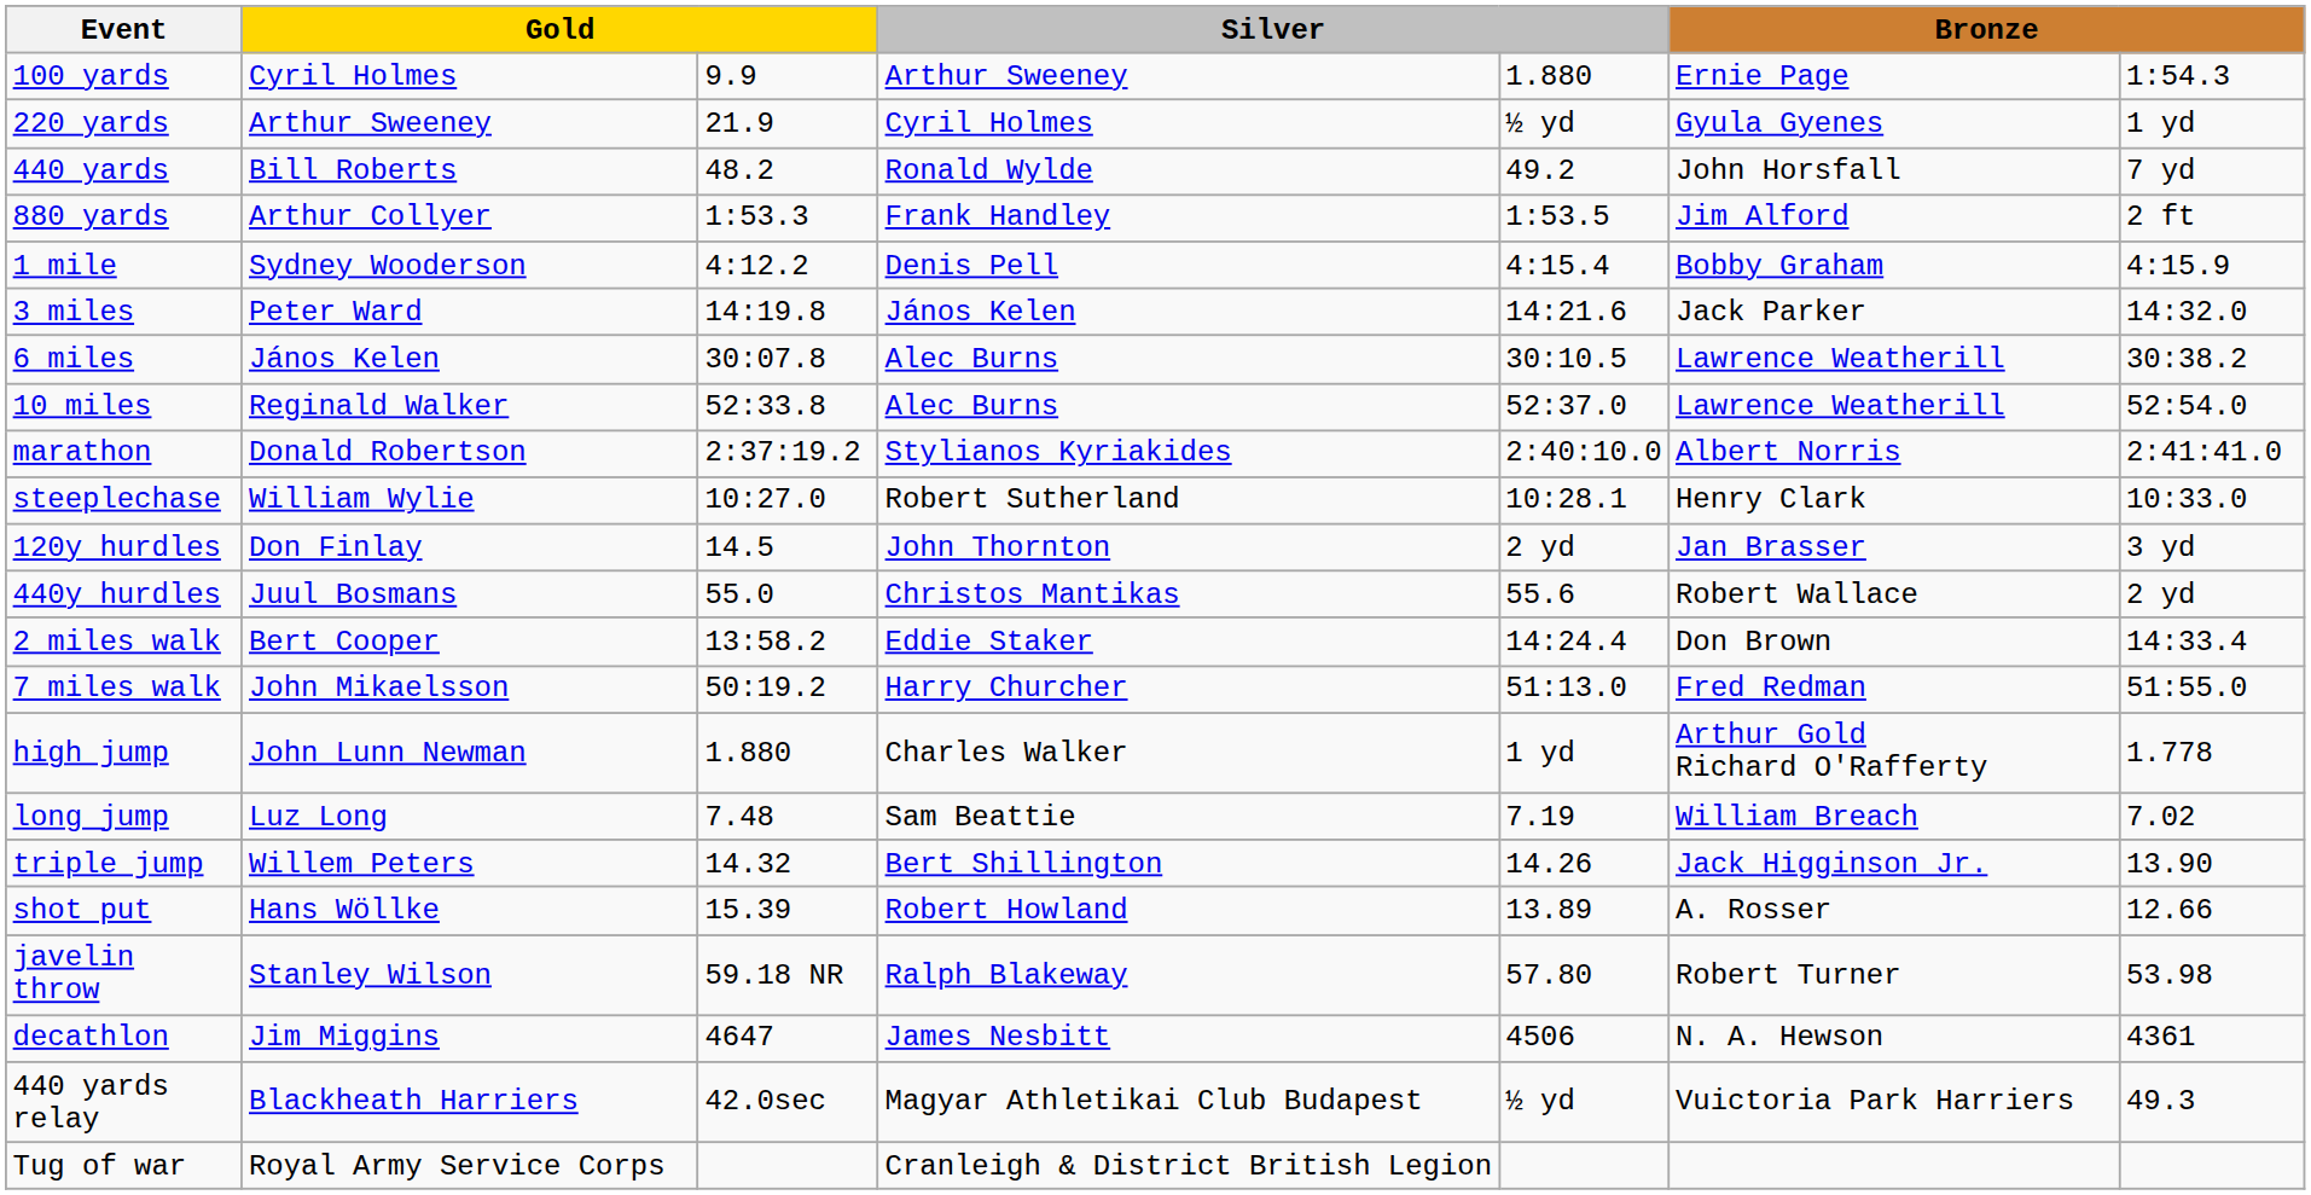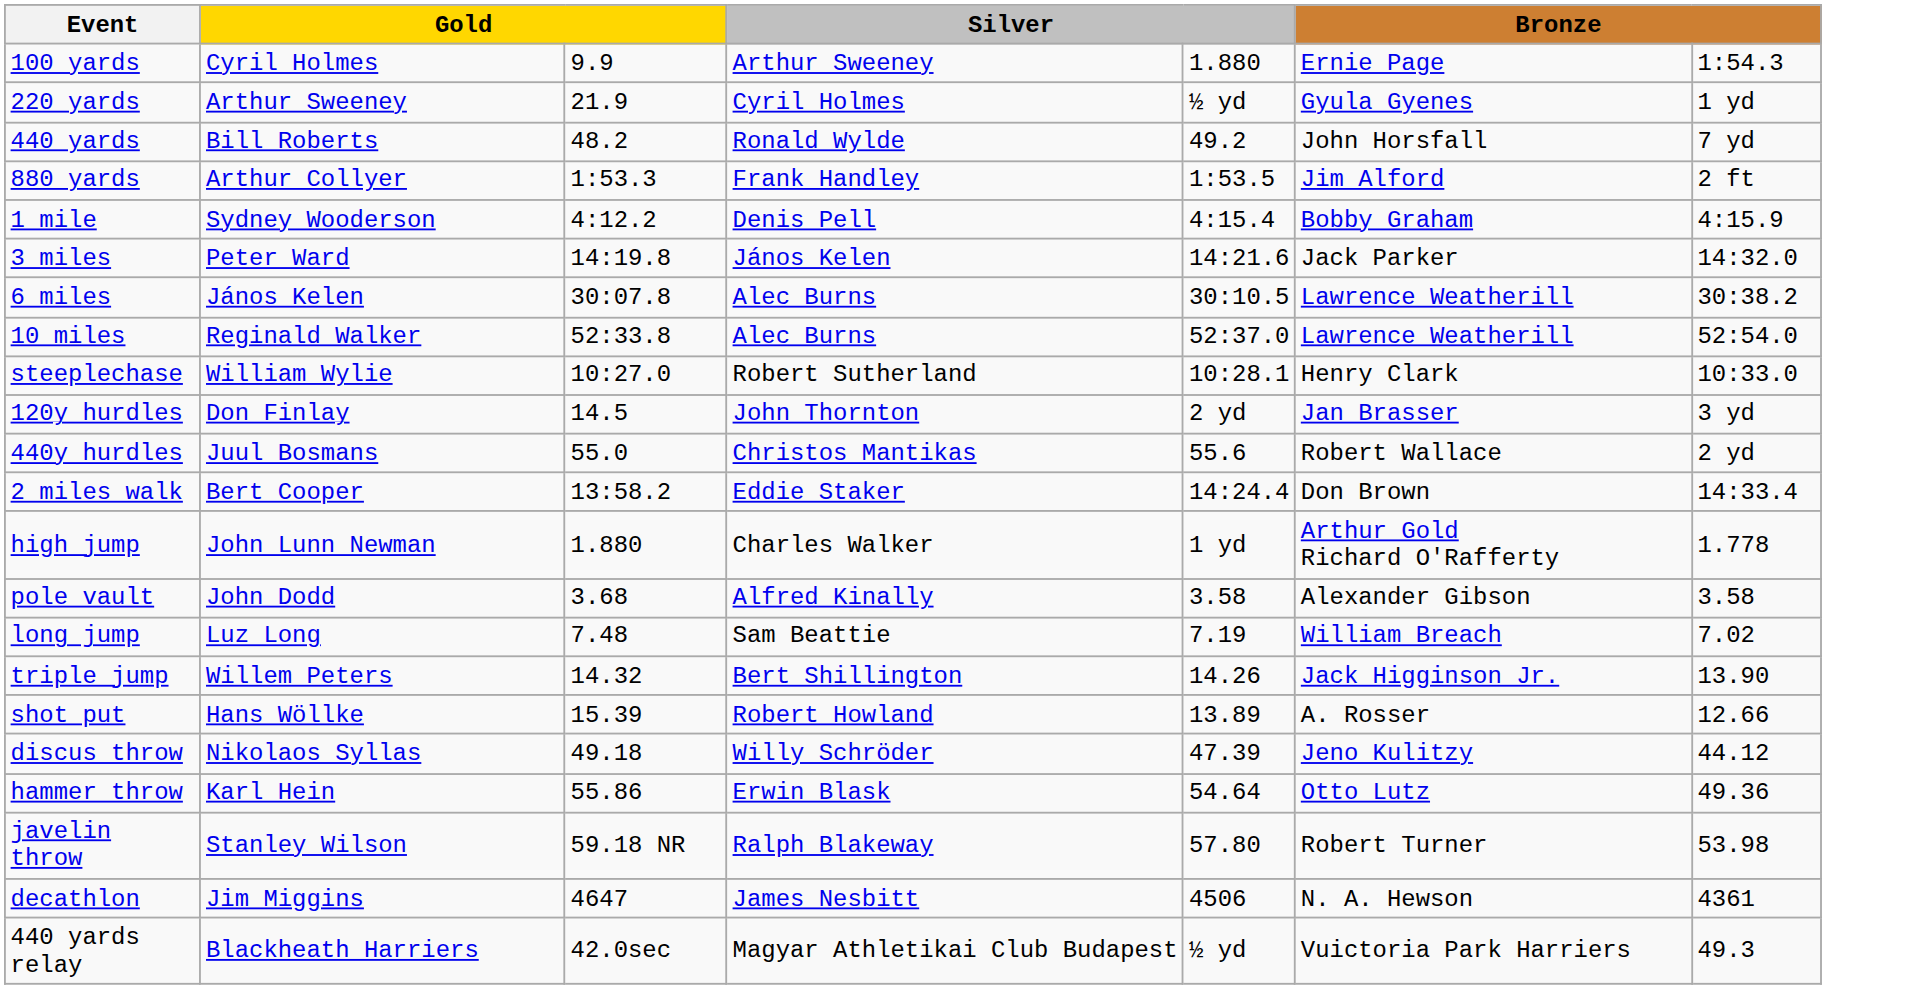 <table class="wikitable" style="text-align:left">
 <tr>
 <th width=100>Event</th>
 <th colspan="2" width="280" style="background:gold;">Gold</th>
 <th colspan="2" width="280" style="background:silver;">Silver</th>
 <th colspan="2" width="280" style="background:#CD7F32;">Bronze</th>
 </tr>
 <tr>
 <td><a href='#'>100 yards</a></td>
 <td><a href='#'>Cyril Holmes</a></td>
 <td>9.9</td>
 <td><a href='#'>Arthur Sweeney</a></td>
 <td>1.880</td>
 <td><a href='#'>Ernie Page</a></td>
 <td>1:54.3</td>
 </tr>
 <tr>
 <td><a href='#'>220 yards</a></td>
 <td><a href='#'>Arthur Sweeney</a></td>
 <td>21.9</td>
 <td><a href='#'>Cyril Holmes</a></td>
 <td>½ yd</td>
 <td> <a href='#'>Gyula Gyenes</a></td>
 <td>1 yd</td>
 </tr>
 <tr>
 <td><a href='#'>440 yards</a></td>
 <td><a href='#'>Bill Roberts</a></td>
 <td>48.2</td>
 <td> <a href='#'>Ronald Wylde</a></td>
 <td>49.2</td>
 <td> John Horsfall</td>
 <td>7 yd</td>
 </tr>
 <tr>
 <td><a href='#'>880 yards</a></td>
 <td><a href='#'>Arthur Collyer</a></td>
 <td>1:53.3</td>
 <td><a href='#'>Frank Handley</a></td>
 <td>1:53.5</td>
 <td> <a href='#'>Jim Alford</a></td>
 <td>2 ft</td>
 </tr>
 <tr>
 <td><a href='#'>1 mile</a></td>
 <td><a href='#'>Sydney Wooderson</a></td>
 <td>4:12.2</td>
 <td><a href='#'>Denis Pell</a></td>
 <td>4:15.4</td>
 <td> <a href='#'>Bobby Graham</a></td>
 <td>4:15.9</td>
 </tr>
 <tr>
 <td><a href='#'>3 miles</a></td>
 <td><a href='#'>Peter Ward</a></td>
 <td>14:19.8</td>
 <td> <a href='#'>János Kelen</a></td>
 <td>14:21.6</td>
 <td>Jack Parker</td>
 <td>14:32.0</td>
 </tr>
 <tr>
 <td><a href='#'>6 miles</a></td>
 <td> <a href='#'>János Kelen</a></td>
 <td>30:07.8</td>
 <td><a href='#'>Alec Burns</a></td>
 <td>30:10.5</td>
 <td><a href='#'>Lawrence Weatherill</a></td>
 <td>30:38.2</td>
 </tr>
 <tr>
 <td><a href='#'>10 miles</a></td>
 <td><a href='#'>Reginald Walker</a></td>
 <td>52:33.8</td>
 <td><a href='#'>Alec Burns</a></td>
 <td>52:37.0</td>
 <td><a href='#'>Lawrence Weatherill</a></td>
 <td>52:54.0</td>
 </tr>
 <tr>
-<td><a href='#'>marathon</a></td>
-<td> <a href='#'>Donald Robertson</a></td>
-<td>2:37:19.2</td>
-<td> <a href='#'>Stylianos Kyriakides</a></td>
-<td>2:40:10.0</td>
-<td><a href='#'>Albert Norris</a></td>
-<td>2:41:41.0</td>
-</tr>
-<tr>
 <td><a href='#'>steeplechase</a></td>
 <td> <a href='#'>William Wylie</a></td>
 <td>10:27.0</td>
 <td> Robert Sutherland</td>
 <td>10:28.1</td>
 <td>Henry Clark</td>
 <td>10:33.0</td>
 </tr>
 <tr>
 <td><a href='#'>120y hurdles</a></td>
 <td><a href='#'>Don Finlay</a></td>
 <td>14.5</td>
 <td><a href='#'>John Thornton</a></td>
 <td>2 yd</td>
 <td> <a href='#'>Jan Brasser</a></td>
 <td>3 yd</td>
 </tr>
 <tr>
 <td><a href='#'>440y hurdles</a></td>
 <td> <a href='#'>Juul Bosmans</a></td>
 <td>55.0</td>
 <td> <a href='#'>Christos Mantikas</a></td>
 <td>55.6</td>
 <td> Robert Wallace</td>
 <td>2 yd</td>
 </tr>
 <tr>
 <td><a href='#'>2 miles walk</a></td>
 <td><a href='#'>Bert Cooper</a></td>
 <td>13:58.2</td>
 <td><a href='#'>Eddie Staker</a></td>
 <td>14:24.4</td>
 <td>Don Brown</td>
 <td>14:33.4</td>
 </tr>
 <tr>
-<td><a href='#'>7 miles walk</a></td>
-<td> <a href='#'>John Mikaelsson</a></td>
-<td>50:19.2</td>
-<td><a href='#'>Harry Churcher</a></td>
-<td>51:13.0</td>
-<td><a href='#'>Fred Redman</a></td>
-<td>51:55.0</td>
-</tr>
-<tr>
 <td><a href='#'>high jump</a></td>
 <td><a href='#'>John Lunn Newman</a></td>
 <td>1.880</td>
 <td>Charles Walker</td>
 <td>1 yd</td>
 <td><a href='#'>Arthur Gold</a><br> Richard O'Rafferty</td>
 <td>1.778</td>
+</tr>
+<tr>
+<td><a href='#'>pole vault</a></td>
+<td><a href='#'>John Dodd</a></td>
+<td>3.68</td>
+<td><a href='#'>Alfred Kinally</a></td>
+<td>3.58</td>
+<td> Alexander Gibson</td>
+<td>3.58</td>
 </tr>
 <tr>
 <td><a href='#'>long jump</a></td>
 <td> <a href='#'>Luz Long</a></td>
 <td>7.48</td>
 <td> Sam Beattie</td>
 <td>7.19</td>
 <td><a href='#'>William Breach</a></td>
 <td>7.02</td>
 </tr>
 <tr>
 <td><a href='#'>triple jump</a></td>
 <td> <a href='#'>Willem Peters</a></td>
 <td>14.32</td>
 <td><a href='#'>Bert Shillington</a></td>
 <td>14.26</td>
 <td><a href='#'>Jack Higginson Jr.</a></td>
 <td>13.90</td>
 </tr>
 <tr>
 <td><a href='#'>shot put</a></td>
 <td> <a href='#'>Hans Wöllke</a></td>
 <td>15.39</td>
 <td><a href='#'>Robert Howland</a></td>
 <td>13.89</td>
 <td>A. Rosser</td>
 <td>12.66</td>
 </tr>
 <tr>
+<td><a href='#'>discus throw</a></td>
+<td> <a href='#'>Nikolaos Syllas</a></td>
+<td>49.18</td>
+<td> <a href='#'>Willy Schröder</a></td>
+<td>47.39</td>
+<td> <a href='#'>Jeno Kulitzy</a></td>
+<td>44.12</td>
+</tr>
+<tr>
+<td><a href='#'>hammer throw</a></td>
+<td> <a href='#'>Karl Hein</a></td>
+<td>55.86</td>
+<td> <a href='#'>Erwin Blask</a></td>
+<td>54.64</td>
+<td> <a href='#'>Otto Lutz</a></td>
+<td>49.36</td>
+</tr>
+<tr>
 <td><a href='#'>javelin throw</a></td>
 <td><a href='#'>Stanley Wilson</a></td>
 <td>59.18 NR</td>
 <td> <a href='#'>Ralph Blakeway</a></td>
 <td>57.80</td>
 <td>Robert Turner</td>
 <td>53.98</td>
 </tr>
 <tr>
 <td><a href='#'>decathlon</a></td>
 <td><a href='#'>Jim Miggins</a></td>
 <td>4647</td>
 <td> <a href='#'>James Nesbitt</a></td>
 <td>4506</td>
 <td>N. A. Hewson</td>
 <td>4361</td>
 </tr>
 <tr>
 <td>440 yards relay</td>
 <td><a href='#'>Blackheath Harriers</a></td>
 <td>42.0sec</td>
 <td>Magyar Athletikai Club Budapest</td>
 <td>½ yd</td>
 <td>Vuictoria Park Harriers</td>
 <td>49.3</td>
 </tr>
-<tr>
-<td>Tug of war</td>
-<td>Royal Army Service Corps</td>
-<td></td>
-<td>Cranleigh & District British Legion</td>
-<td></td>
-<td></td>
-<td></td>
-</tr>
 </table>
